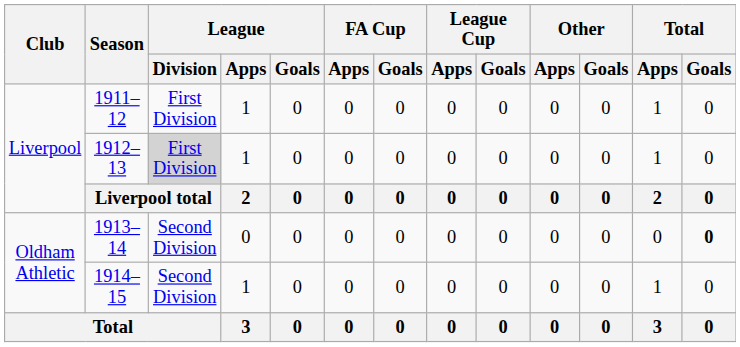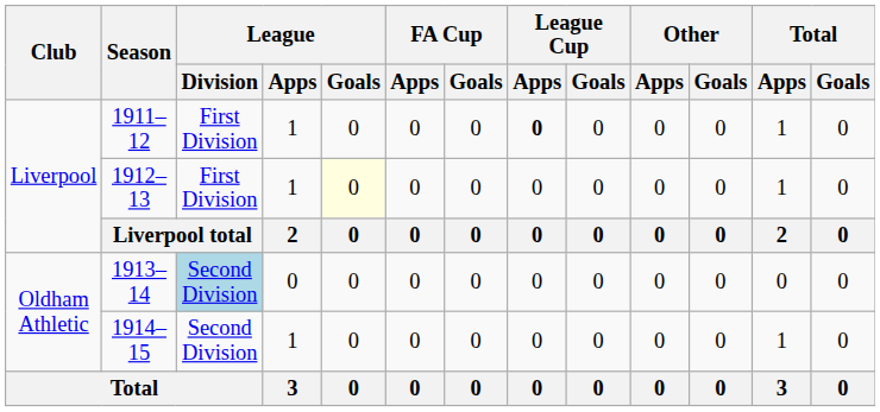 <table class="wikitable" style="text-align:center;">
 <tr>
 <th rowspan="2">Club</th>
 <th rowspan="2">Season</th>
 <th colspan="3">League</th>
 <th colspan="2">FA Cup</th>
 <th colspan="2">League Cup</th>
 <th colspan="2">Other</th>
 <th colspan="2">Total</th>
 </tr>
 <tr>
 <th>Division</th>
 <th>Apps</th>
 <th>Goals</th>
 <th>Apps</th>
 <th>Goals</th>
 <th>Apps</th>
 <th>Goals</th>
 <th>Apps</th>
 <th>Goals</th>
 <th>Apps</th>
 <th>Goals</th>
 </tr>
 <tr>
 <td rowspan=3><a href='#'>Liverpool</a></td>
 <td><a href='#'>1911–12</a></td>
 <td><a href='#'>First Division</a></td>
 <td>1</td>
 <td>0</td>
 <td>0</td>
 <td>0</td>
-<td>0</td>
+<td><strong>0</strong></td>
 <td>0</td>
 <td>0</td>
 <td>0</td>
 <td>1</td>
 <td>0</td>
 </tr>
 <tr>
 <td><a href='#'>1912–13</a></td>
-<td style="background: lightgrey;"><a href='#'>First Division</a></td>
+<td><a href='#'>First Division</a></td>
 <td>1</td>
-<td>0</td>
+<td style="background: lightyellow;">0</td>
 <td>0</td>
 <td>0</td>
 <td>0</td>
 <td>0</td>
 <td>0</td>
 <td>0</td>
 <td>1</td>
 <td>0</td>
 </tr>
 <tr>
 <th colspan="2">Liverpool total</th>
 <th>2</th>
 <th>0</th>
 <th>0</th>
 <th>0</th>
 <th>0</th>
 <th>0</th>
 <th>0</th>
 <th>0</th>
 <th>2</th>
 <th>0</th>
 </tr>
 <tr>
 <td rowspan=2><a href='#'>Oldham Athletic</a></td>
 <td><a href='#'>1913–14</a></td>
-<td><a href='#'>Second Division</a></td>
+<td style="background: lightblue;"><a href='#'>Second Division</a></td>
 <td>0</td>
 <td>0</td>
 <td>0</td>
 <td>0</td>
 <td>0</td>
 <td>0</td>
 <td>0</td>
 <td>0</td>
 <td>0</td>
-<td><strong>0</strong></td>
+<td>0</td>
 </tr>
 <tr>
 <td><a href='#'>1914–15</a></td>
 <td><a href='#'>Second Division</a></td>
 <td>1</td>
 <td>0</td>
 <td>0</td>
 <td>0</td>
 <td>0</td>
 <td>0</td>
 <td>0</td>
 <td>0</td>
 <td>1</td>
 <td>0</td>
 </tr>
 <tr>
 <th colspan="3">Total</th>
 <th>3</th>
 <th>0</th>
 <th>0</th>
 <th>0</th>
 <th>0</th>
 <th>0</th>
 <th>0</th>
 <th>0</th>
 <th>3</th>
 <th>0</th>
 </tr>
 </table>
